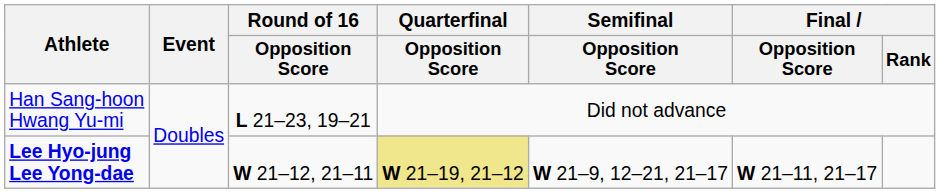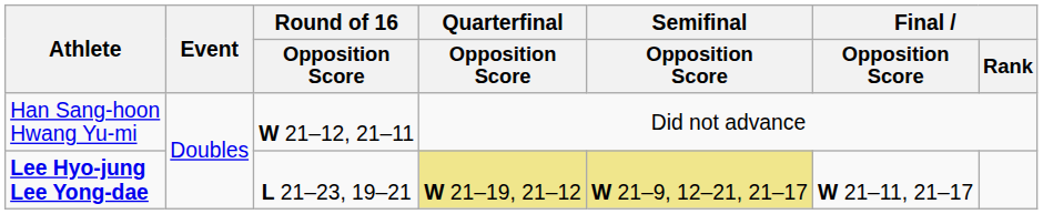 <table class=wikitable style="font-size:90%">
 <tr>
 <th rowspan="2">Athlete</th>
 <th rowspan="2">Event</th>
 <th>Round of 16</th>
 <th>Quarterfinal</th>
 <th>Semifinal</th>
 <th colspan=2>Final / </th>
 </tr>
 <tr style="font-size:95%">
 <th>Opposition<br>Score</th>
 <th>Opposition<br>Score</th>
 <th>Opposition<br>Score</th>
 <th>Opposition<br>Score</th>
 <th>Rank</th>
 </tr>
 <tr align=center>
 <td align=left><a href='#'>Han Sang-hoon</a><br><a href='#'>Hwang Yu-mi</a></td>
 <td align=left rowspan=2><a href='#'>Doubles</a></td>
-<td><br><strong>L</strong> 21–23, 19–21</td>
+<td><br><strong>W</strong> 21–12, 21–11</td>
 <td colspan=4>Did not advance</td>
 </tr>
 <tr align=center>
 <td align=left><strong><a href='#'>Lee Hyo-jung</a><br><a href='#'>Lee Yong-dae</a></strong></td>
-<td><br><strong>W</strong> 21–12, 21–11</td>
+<td><br><strong>L</strong> 21–23, 19–21</td>
 <td style="background: khaki;"><br><strong>W</strong> 21–19, 21–12</td>
-<td><br><strong>W</strong> 21–9, 12–21, 21–17</td>
+<td style="background: khaki;"><br><strong>W</strong> 21–9, 12–21, 21–17</td>
 <td><br><strong>W</strong> 21–11, 21–17</td>
 <td></td>
 </tr>
 </table>
